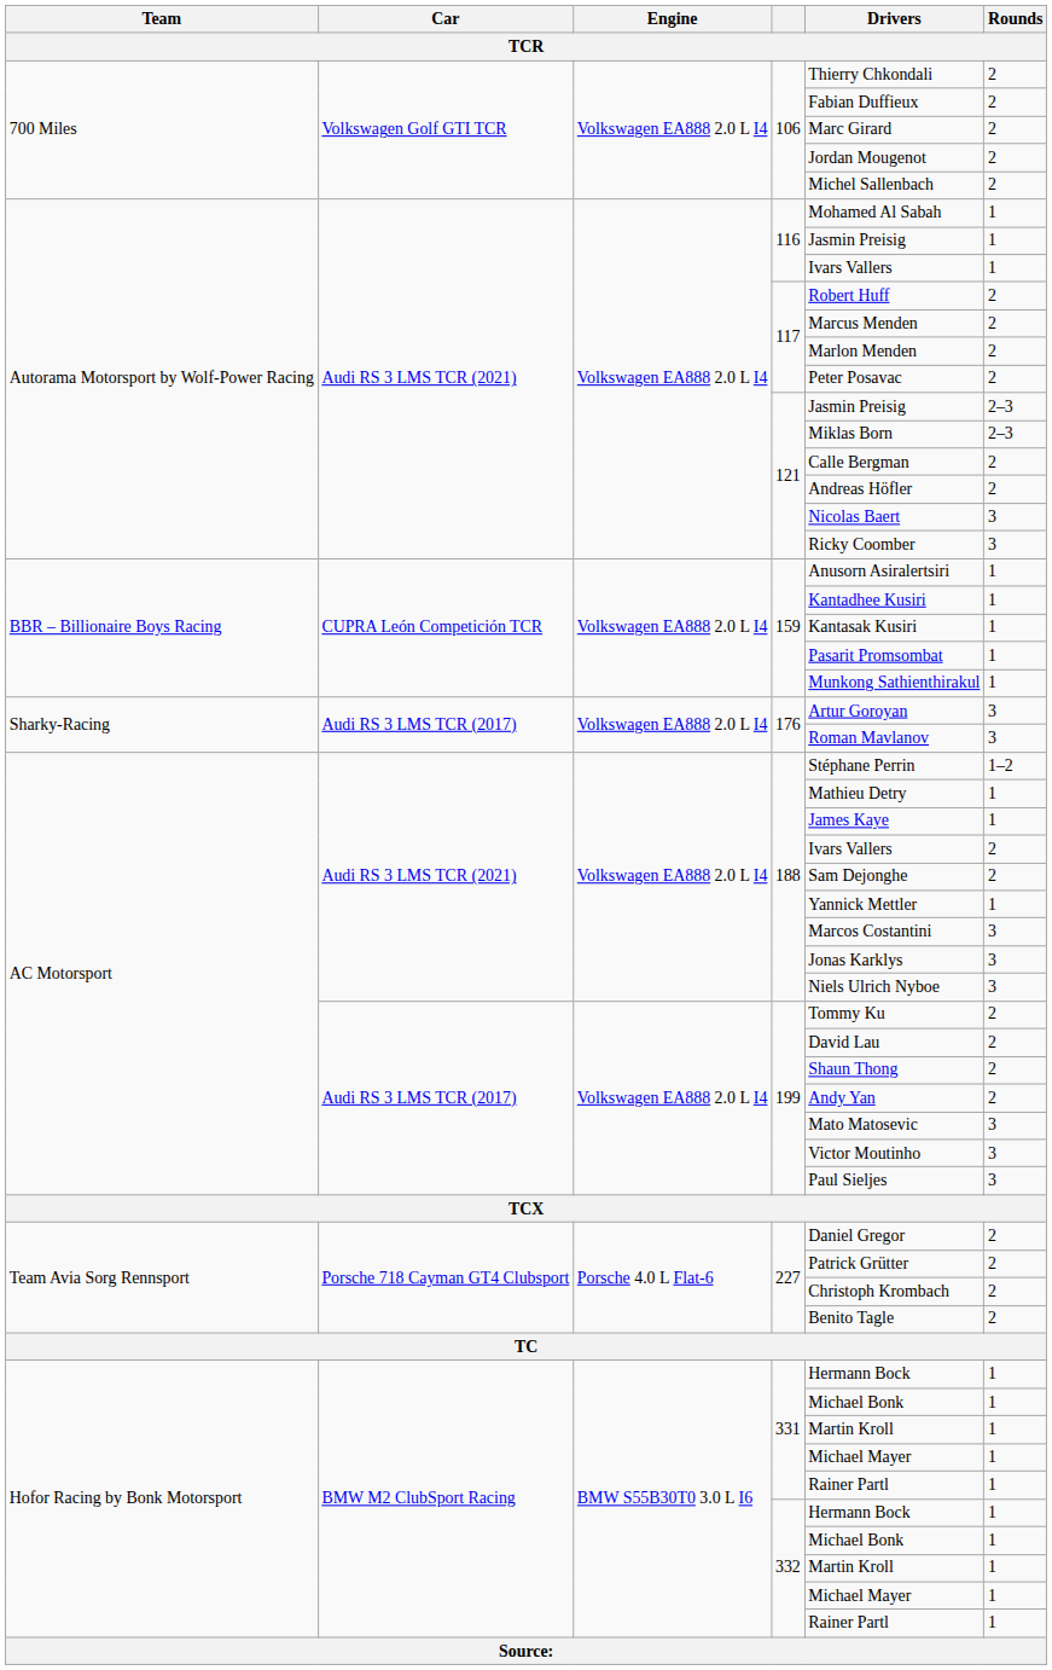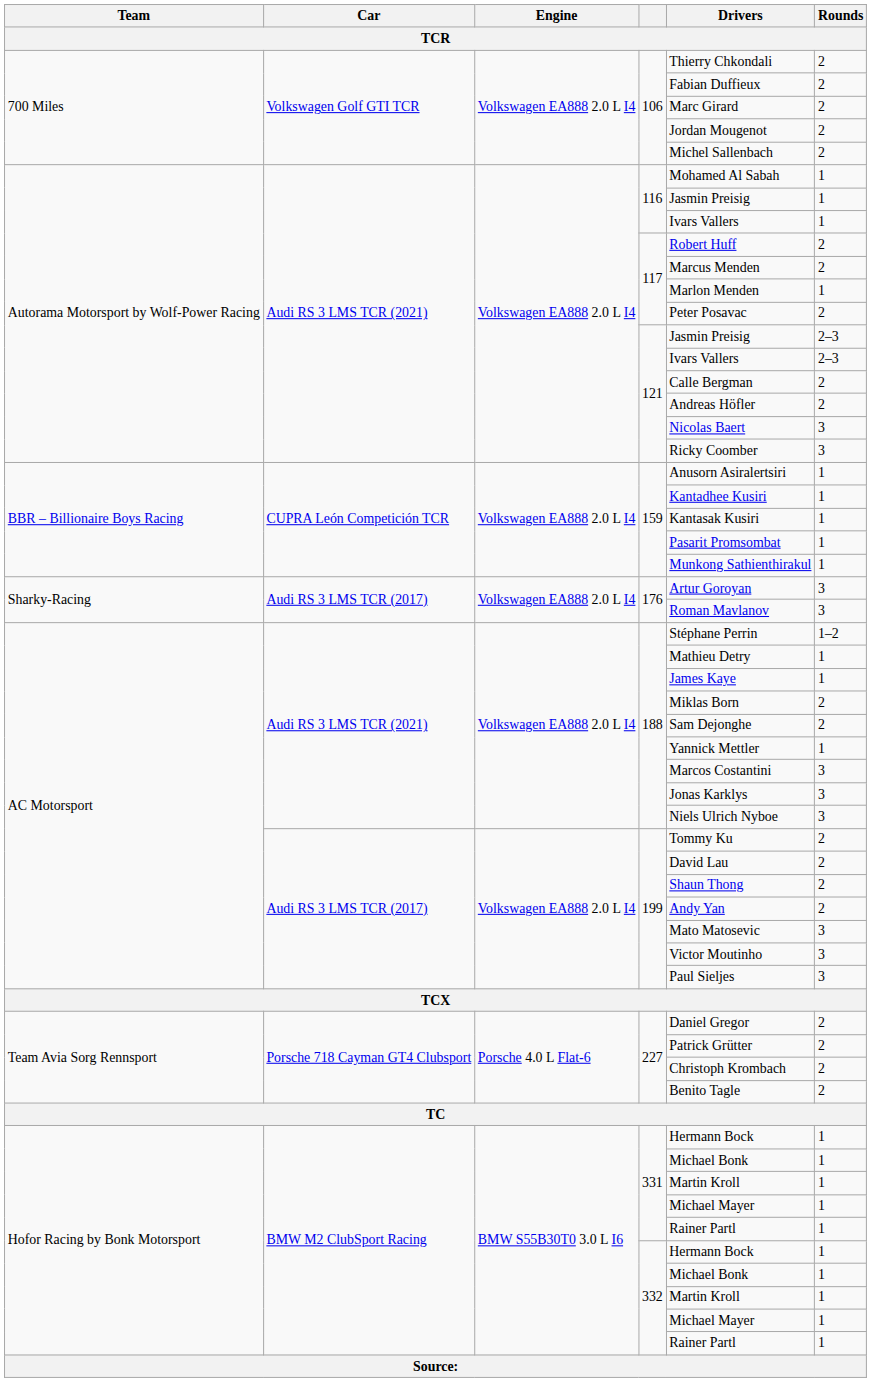 <table class="wikitable" style="font-size: 85%;">
 <tr>
 <th>Team</th>
 <th>Car</th>
 <th>Engine</th>
 <th></th>
 <th>Drivers</th>
 <th>Rounds</th>
 </tr>
 <tr>
 <th colspan=6>TCR</th>
 </tr>
 <tr>
 <td rowspan="5"> 700 Miles</td>
 <td rowspan="5"><a href='#'>Volkswagen Golf GTI TCR</a></td>
 <td rowspan="5"><a href='#'>Volkswagen EA888</a> 2.0 L <a href='#'>I4</a></td>
 <td rowspan="5" align="center">106</td>
 <td> Thierry Chkondali</td>
 <td>2</td>
 </tr>
 <tr>
 <td> Fabian Duffieux</td>
 <td>2</td>
 </tr>
 <tr>
 <td> Marc Girard</td>
 <td>2</td>
 </tr>
 <tr>
 <td> Jordan Mougenot</td>
 <td>2</td>
 </tr>
 <tr>
 <td> Michel Sallenbach</td>
 <td>2</td>
 </tr>
 <tr>
 <td rowspan="13"> Autorama Motorsport by Wolf-Power Racing</td>
 <td rowspan="13"><a href='#'>Audi RS 3 LMS TCR (2021)</a></td>
 <td rowspan="13"><a href='#'>Volkswagen EA888</a> 2.0 L <a href='#'>I4</a></td>
 <td rowspan="3" align="center">116</td>
 <td> Mohamed Al Sabah</td>
 <td>1</td>
 </tr>
 <tr>
 <td> Jasmin Preisig</td>
 <td>1</td>
 </tr>
 <tr>
 <td> Ivars Vallers</td>
 <td>1</td>
 </tr>
 <tr>
 <td rowspan="4" align="center">117</td>
 <td> <a href='#'>Robert Huff</a></td>
 <td>2</td>
 </tr>
 <tr>
 <td> Marcus Menden</td>
 <td>2</td>
 </tr>
 <tr>
 <td> Marlon Menden</td>
-<td>2</td>
+<td>1</td>
 </tr>
 <tr>
 <td> Peter Posavac</td>
 <td>2</td>
 </tr>
 <tr>
 <td rowspan="6" align="center">121</td>
 <td> Jasmin Preisig</td>
 <td>2–3</td>
 </tr>
 <tr>
-<td> Miklas Born</td>
+<td> Ivars Vallers</td>
 <td>2–3</td>
 </tr>
 <tr>
 <td> Calle Bergman</td>
 <td>2</td>
 </tr>
 <tr>
 <td> Andreas Höfler</td>
 <td>2</td>
 </tr>
 <tr>
 <td> <a href='#'>Nicolas Baert</a></td>
 <td>3</td>
 </tr>
 <tr>
 <td> Ricky Coomber</td>
 <td>3</td>
 </tr>
 <tr>
 <td rowspan="5"> <a href='#'>BBR – Billionaire Boys Racing</a></td>
 <td rowspan="5"><a href='#'>CUPRA León Competición TCR</a></td>
 <td rowspan="5"><a href='#'>Volkswagen EA888</a> 2.0 L <a href='#'>I4</a></td>
 <td rowspan="5" align="center">159</td>
 <td> Anusorn Asiralertsiri</td>
 <td>1</td>
 </tr>
 <tr>
 <td> <a href='#'>Kantadhee Kusiri</a></td>
 <td>1</td>
 </tr>
 <tr>
 <td> Kantasak Kusiri</td>
 <td>1</td>
 </tr>
 <tr>
 <td> <a href='#'>Pasarit Promsombat</a></td>
 <td>1</td>
 </tr>
 <tr>
 <td> <a href='#'>Munkong Sathienthirakul</a></td>
 <td>1</td>
 </tr>
 <tr>
 <td rowspan="2"> Sharky-Racing</td>
 <td rowspan="2"><a href='#'>Audi RS 3 LMS TCR (2017)</a></td>
 <td rowspan="2"><a href='#'>Volkswagen EA888</a> 2.0 L <a href='#'>I4</a></td>
 <td rowspan="2" align="center">176</td>
 <td> <a href='#'>Artur Goroyan</a></td>
 <td>3</td>
 </tr>
 <tr>
 <td><a href='#'>Roman Mavlanov</a></td>
 <td>3</td>
 </tr>
 <tr>
 <td rowspan="16"> AC Motorsport</td>
 <td rowspan="9"><a href='#'>Audi RS 3 LMS TCR (2021)</a></td>
 <td rowspan="9"><a href='#'>Volkswagen EA888</a> 2.0 L <a href='#'>I4</a></td>
 <td rowspan="9" align="center">188</td>
 <td> Stéphane Perrin</td>
 <td>1–2</td>
 </tr>
 <tr>
 <td> Mathieu Detry</td>
 <td>1</td>
 </tr>
 <tr>
 <td> <a href='#'>James Kaye</a></td>
 <td>1</td>
 </tr>
 <tr>
-<td> Ivars Vallers</td>
+<td> Miklas Born</td>
 <td>2</td>
 </tr>
 <tr>
 <td> Sam Dejonghe</td>
 <td>2</td>
 </tr>
 <tr>
 <td> Yannick Mettler</td>
 <td>1</td>
 </tr>
 <tr>
 <td> Marcos Costantini</td>
 <td>3</td>
 </tr>
 <tr>
 <td> Jonas Karklys</td>
 <td>3</td>
 </tr>
 <tr>
 <td> Niels Ulrich Nyboe</td>
 <td>3</td>
 </tr>
 <tr>
 <td rowspan="7"><a href='#'>Audi RS 3 LMS TCR (2017)</a></td>
 <td rowspan="7"><a href='#'>Volkswagen EA888</a> 2.0 L <a href='#'>I4</a></td>
 <td rowspan="7" align="center">199</td>
 <td> Tommy Ku</td>
 <td>2</td>
 </tr>
 <tr>
 <td> David Lau</td>
 <td>2</td>
 </tr>
 <tr>
 <td> <a href='#'>Shaun Thong</a></td>
 <td>2</td>
 </tr>
 <tr>
 <td> <a href='#'>Andy Yan</a></td>
 <td>2</td>
 </tr>
 <tr>
 <td> Mato Matosevic</td>
 <td>3</td>
 </tr>
 <tr>
 <td> Victor Moutinho</td>
 <td>3</td>
 </tr>
 <tr>
 <td> Paul Sieljes</td>
 <td>3</td>
 </tr>
 <tr>
 <th colspan=6>TCX</th>
 </tr>
 <tr>
 <td rowspan="4"> Team Avia Sorg Rennsport</td>
 <td rowspan="4"><a href='#'>Porsche 718 Cayman GT4 Clubsport</a></td>
 <td rowspan="4"><a href='#'>Porsche</a> 4.0 L <a href='#'>Flat-6</a></td>
 <td rowspan="4" align="center">227</td>
 <td> Daniel Gregor</td>
 <td>2</td>
 </tr>
 <tr>
 <td> Patrick Grütter</td>
 <td>2</td>
 </tr>
 <tr>
 <td> Christoph Krombach</td>
 <td>2</td>
 </tr>
 <tr>
 <td> Benito Tagle</td>
 <td>2</td>
 </tr>
 <tr>
 <th colspan=6>TC</th>
 </tr>
 <tr>
 <td rowspan="10"> Hofor Racing by Bonk Motorsport</td>
 <td rowspan="10"><a href='#'>BMW M2 ClubSport Racing</a></td>
 <td rowspan="10"><a href='#'>BMW S55B30T0</a> 3.0 L <a href='#'>I6</a></td>
 <td rowspan="5" align="center">331</td>
 <td> Hermann Bock</td>
 <td>1</td>
 </tr>
 <tr>
 <td> Michael Bonk</td>
 <td>1</td>
 </tr>
 <tr>
 <td> Martin Kroll</td>
 <td>1</td>
 </tr>
 <tr>
 <td> Michael Mayer</td>
 <td>1</td>
 </tr>
 <tr>
 <td> Rainer Partl</td>
 <td>1</td>
 </tr>
 <tr>
 <td rowspan=5 align="center">332</td>
 <td> Hermann Bock</td>
 <td>1</td>
 </tr>
 <tr>
 <td> Michael Bonk</td>
 <td>1</td>
 </tr>
 <tr>
 <td> Martin Kroll</td>
 <td>1</td>
 </tr>
 <tr>
 <td> Michael Mayer</td>
 <td>1</td>
 </tr>
 <tr>
 <td> Rainer Partl</td>
 <td>1</td>
 </tr>
 <tr>
 <th colspan="6">Source:</th>
 </tr>
 </table>
